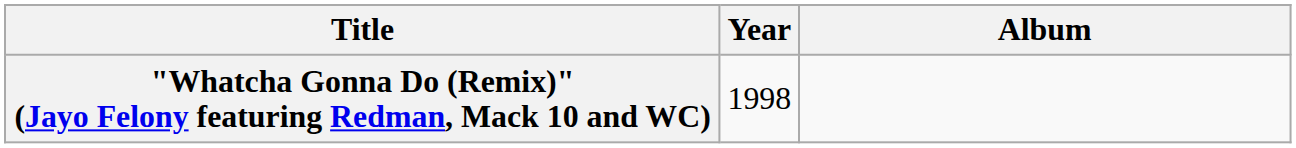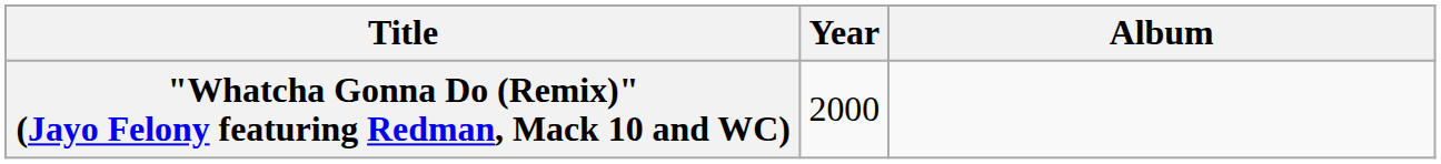 <table class="wikitable plainrowheaders" style="text-align:center;">
 <tr>
 <th scope="col" rowspan="1" style="width:22em;">Title</th>
 <th scope="col" rowspan="1">Year</th>
 <th scope="col" rowspan="1" style="width:15em;">Album</th>
 </tr>
 <tr>
 <th scope="row">"Whatcha Gonna Do (Remix)"<br><span>(<a href='#'>Jayo Felony</a> featuring <a href='#'>Redman</a>, Mack 10 and WC)</span></th>
-<td rowspan="1">1998</td>
+<td rowspan="1">2000</td>
 <td></td>
 </tr>
 </table>
